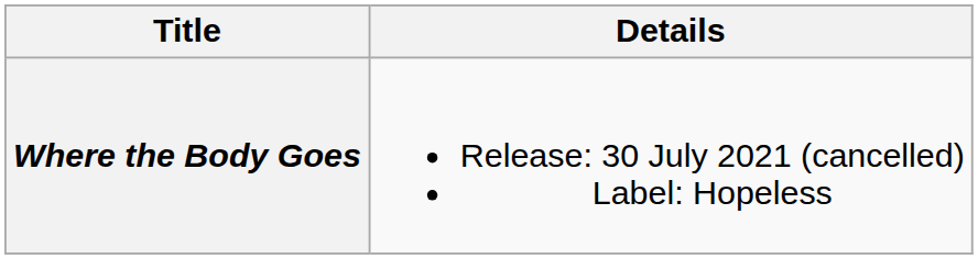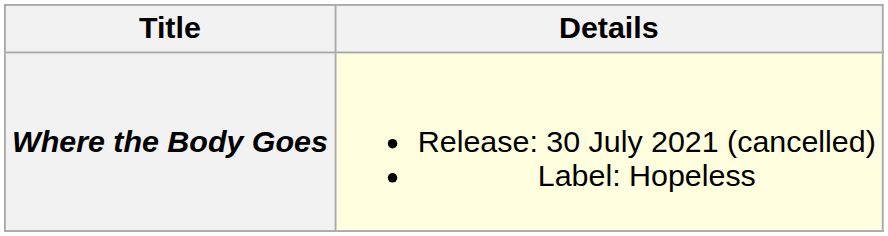 <table class="wikitable plainrowheaders" style="text-align:center;">
 <tr>
 <th>Title</th>
 <th>Details</th>
 </tr>
 <tr>
 <th scope="row"><em>Where the Body Goes</em></th>
-<td><br><ul><li>Release: 30 July 2021 (cancelled)</li><li>Label: Hopeless</li></ul></td>
+<td style="background: lightyellow;"><br><ul><li>Release: 30 July 2021 (cancelled)</li><li>Label: Hopeless</li></ul></td>
 </tr>
 </table>
